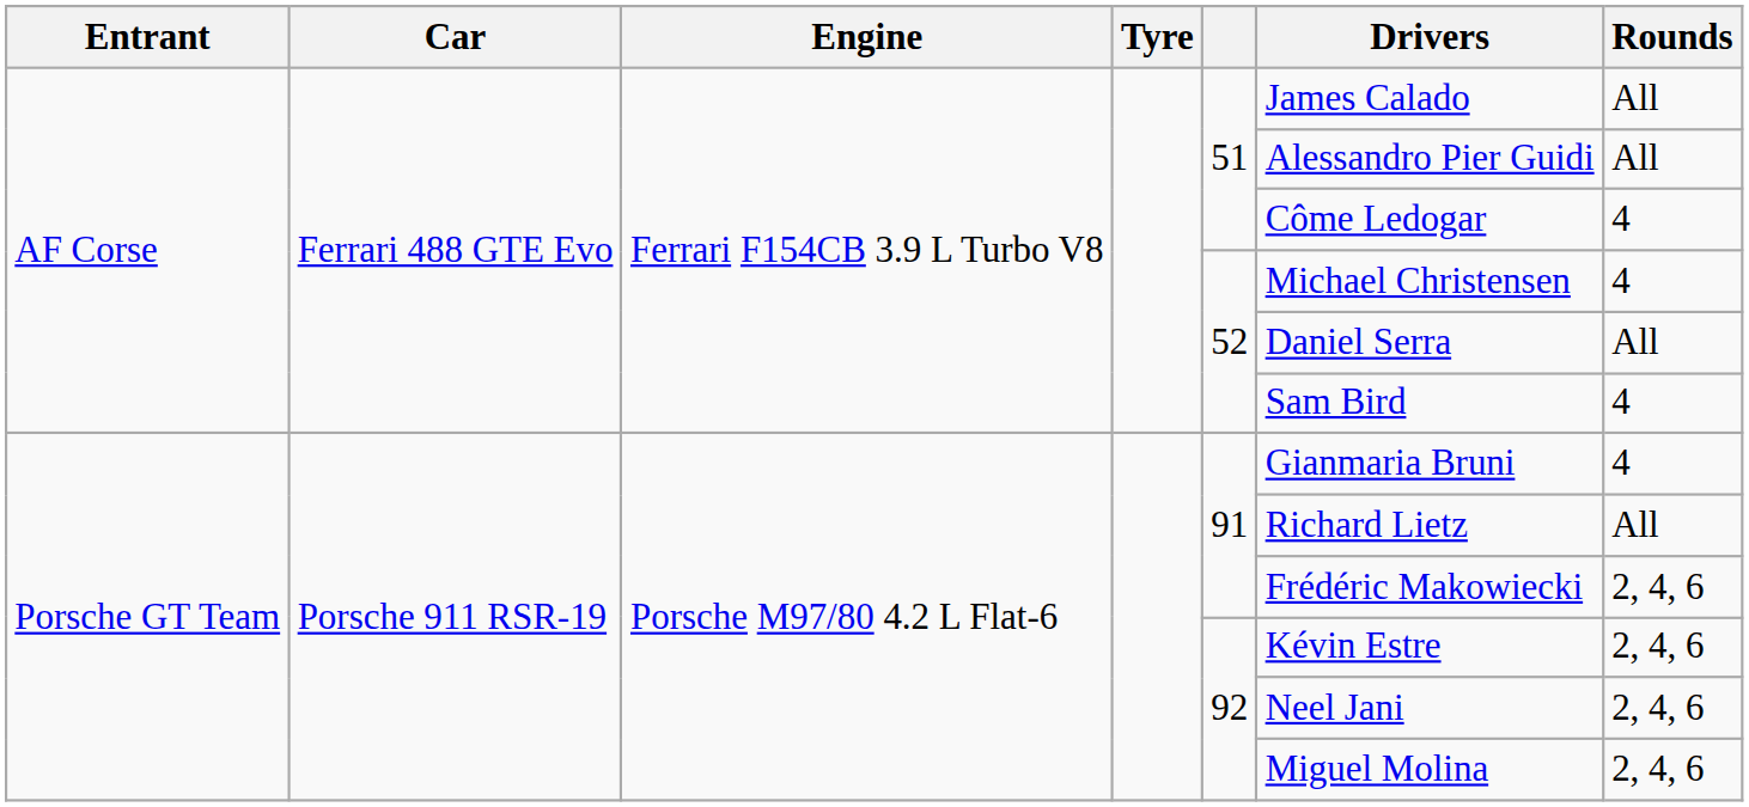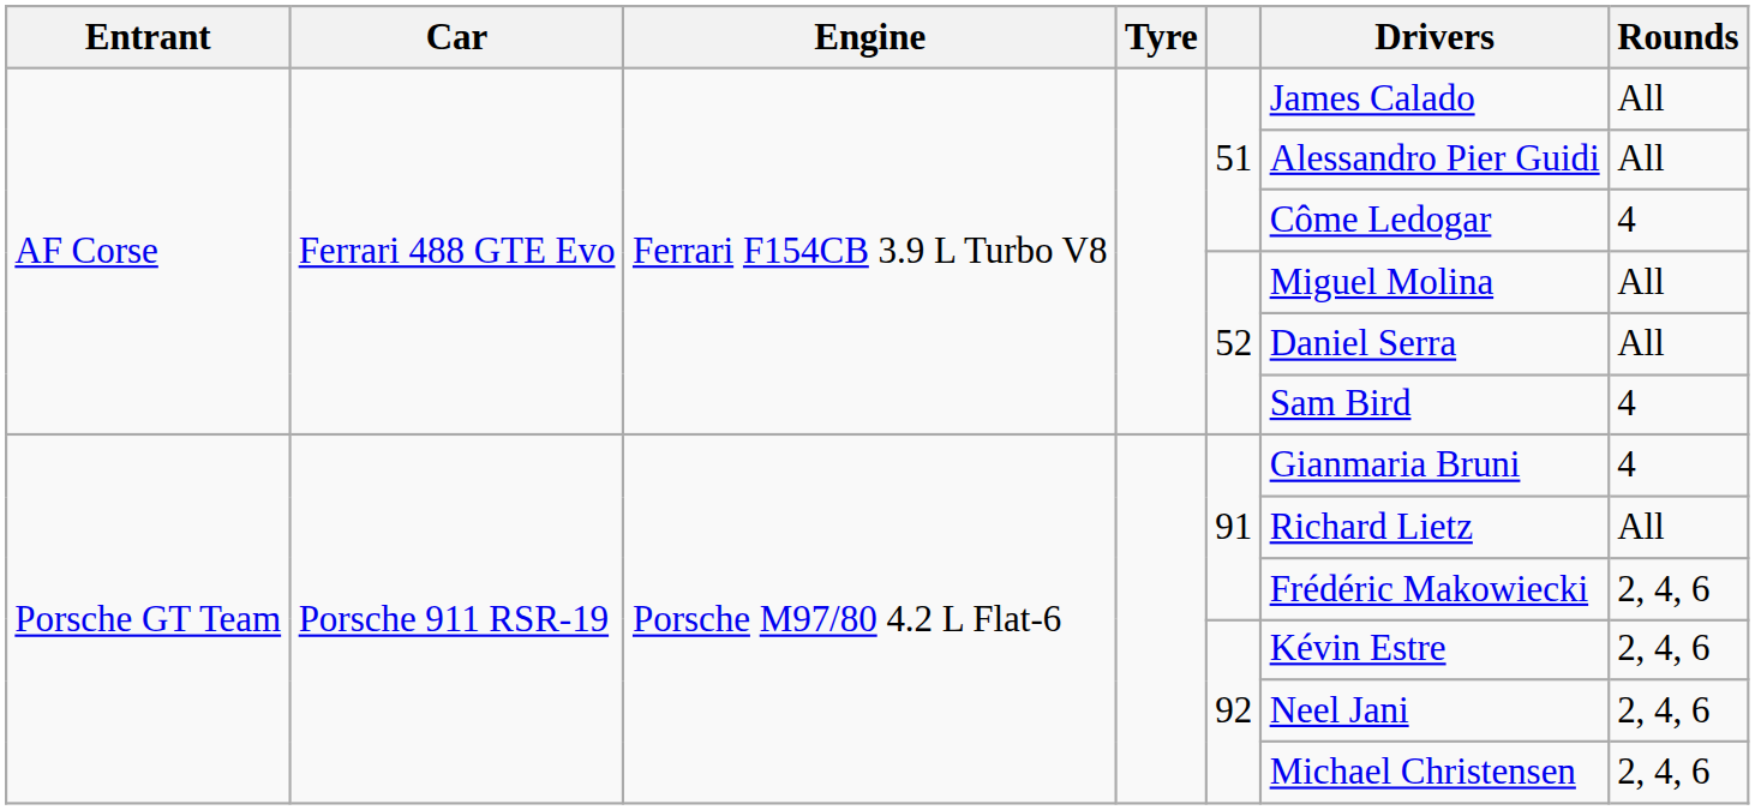 <table class="wikitable" style="font-size: 90%">
 <tr>
 <th>Entrant</th>
 <th>Car</th>
 <th>Engine</th>
 <th>Tyre</th>
 <th></th>
 <th>Drivers</th>
 <th>Rounds</th>
 </tr>
 <tr>
 <td rowspan="6"> <a href='#'>AF Corse</a></td>
 <td rowspan="6"><a href='#'>Ferrari 488 GTE Evo</a></td>
 <td rowspan="6"><a href='#'>Ferrari</a> <a href='#'>F154CB</a> 3.9 L Turbo V8</td>
 <td rowspan="6"></td>
 <td rowspan="3" align="center">51</td>
 <td> <a href='#'>James Calado</a></td>
 <td>All</td>
 </tr>
 <tr>
 <td> <a href='#'>Alessandro Pier Guidi</a></td>
 <td>All</td>
 </tr>
 <tr>
 <td> <a href='#'>Côme Ledogar</a></td>
 <td>4</td>
 </tr>
 <tr>
 <td rowspan="3" align="center">52</td>
-<td> <a href='#'>Michael Christensen</a></td>
-<td>4</td>
+<td> <a href='#'>Miguel Molina</a></td>
+<td>All</td>
 </tr>
 <tr>
 <td> <a href='#'>Daniel Serra</a></td>
 <td>All</td>
 </tr>
 <tr>
 <td> <a href='#'>Sam Bird</a></td>
 <td>4</td>
 </tr>
 <tr>
 <td rowspan="6"> <a href='#'>Porsche GT Team</a></td>
 <td rowspan="6"><a href='#'>Porsche 911 RSR-19</a></td>
 <td rowspan="6"><a href='#'>Porsche</a> <a href='#'>M97/80</a> 4.2 L Flat-6</td>
 <td rowspan="6"></td>
 <td rowspan="3" align="center">91</td>
 <td> <a href='#'>Gianmaria Bruni</a></td>
 <td>4</td>
 </tr>
 <tr>
 <td> <a href='#'>Richard Lietz</a></td>
 <td>All</td>
 </tr>
 <tr>
 <td> <a href='#'>Frédéric Makowiecki</a></td>
 <td>2, 4, 6</td>
 </tr>
 <tr>
 <td rowspan="3" align="center">92</td>
 <td> <a href='#'>Kévin Estre</a></td>
 <td>2, 4, 6</td>
 </tr>
 <tr>
 <td> <a href='#'>Neel Jani</a></td>
 <td>2, 4, 6</td>
 </tr>
 <tr>
-<td> <a href='#'>Miguel Molina</a></td>
+<td> <a href='#'>Michael Christensen</a></td>
 <td>2, 4, 6</td>
 </tr>
 </table>
